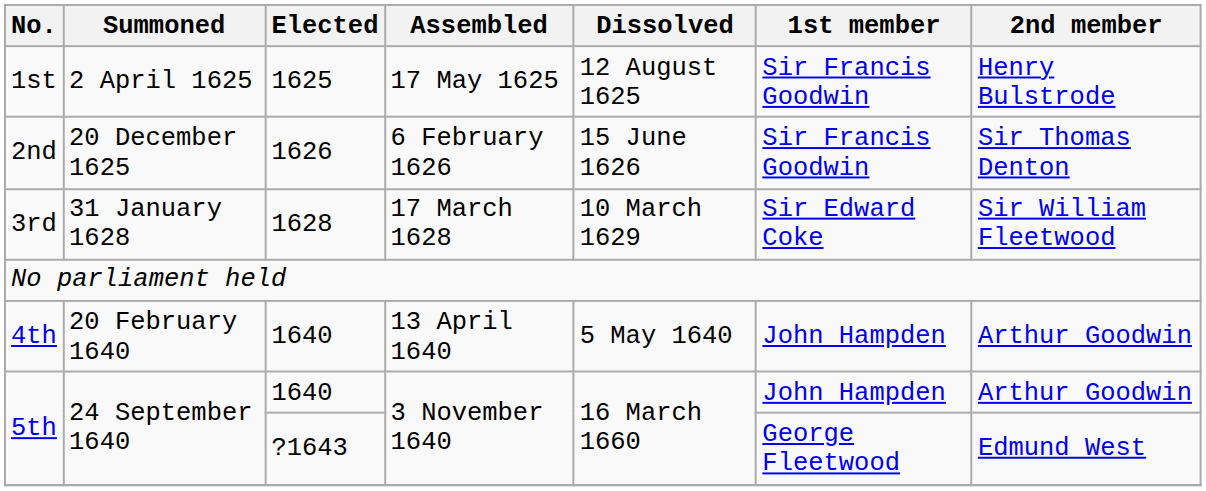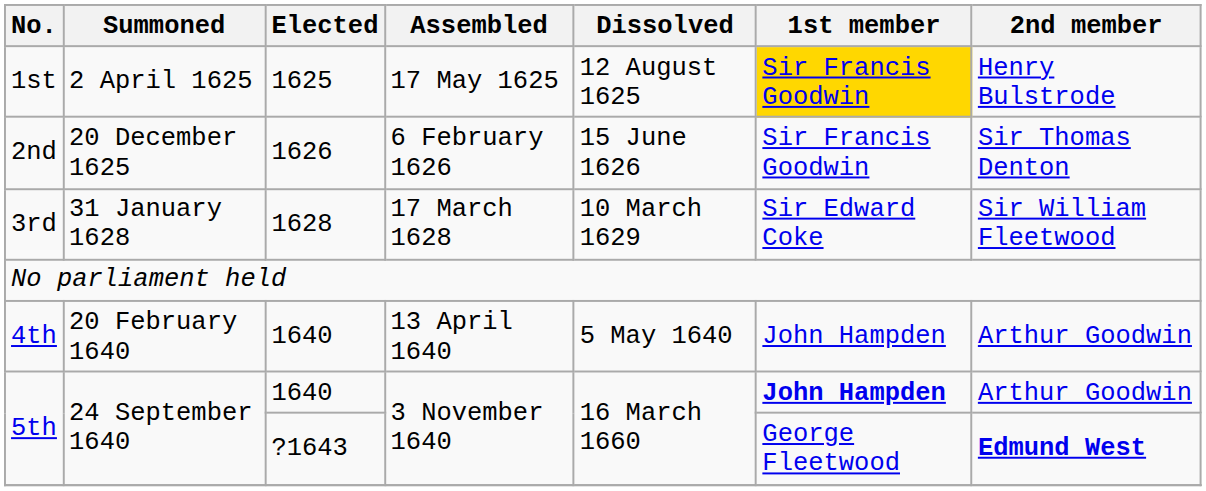 <table class="wikitable">
 <tr>
 <th>No.</th>
 <th>Summoned</th>
 <th>Elected</th>
 <th>Assembled</th>
 <th>Dissolved</th>
 <th>1st member</th>
 <th>2nd member</th>
 </tr>
 <tr>
 <td>1st</td>
 <td>2 April 1625</td>
 <td>1625</td>
 <td>17 May 1625</td>
 <td>12 August 1625</td>
-<td><a href='#'>Sir Francis Goodwin</a></td>
+<td style="background: gold;"><a href='#'>Sir Francis Goodwin</a></td>
 <td><a href='#'>Henry Bulstrode</a></td>
 </tr>
 <tr>
 <td>2nd</td>
 <td>20 December 1625</td>
 <td>1626</td>
 <td>6 February 1626</td>
 <td>15 June 1626</td>
 <td><a href='#'>Sir Francis Goodwin</a></td>
 <td><a href='#'>Sir Thomas Denton</a></td>
 </tr>
 <tr>
 <td>3rd</td>
 <td>31 January 1628</td>
 <td>1628</td>
 <td>17 March 1628</td>
 <td>10 March 1629</td>
 <td><a href='#'>Sir Edward Coke</a></td>
 <td><a href='#'>Sir William Fleetwood</a></td>
 </tr>
 <tr>
 <td colspan="7"><em>No parliament held</em></td>
 </tr>
 <tr>
 <td><a href='#'>4th</a></td>
 <td>20 February 1640</td>
 <td>1640</td>
 <td>13 April 1640</td>
 <td>5 May 1640</td>
 <td><a href='#'>John Hampden</a></td>
 <td><a href='#'>Arthur Goodwin</a></td>
 </tr>
 <tr>
 <td rowspan="2"><a href='#'>5th</a></td>
 <td rowspan="2">24 September 1640</td>
 <td>1640</td>
 <td rowspan="2">3 November 1640</td>
 <td rowspan="2">16 March 1660</td>
-<td><a href='#'>John Hampden</a></td>
+<td><strong><a href='#'>John Hampden</a></strong></td>
 <td><a href='#'>Arthur Goodwin</a></td>
 </tr>
 <tr>
 <td>?1643</td>
 <td><a href='#'>George Fleetwood</a></td>
-<td><a href='#'>Edmund West</a></td>
+<td><strong><a href='#'>Edmund West</a></strong></td>
 </tr>
 <tr>
 </tr>
 </table>
